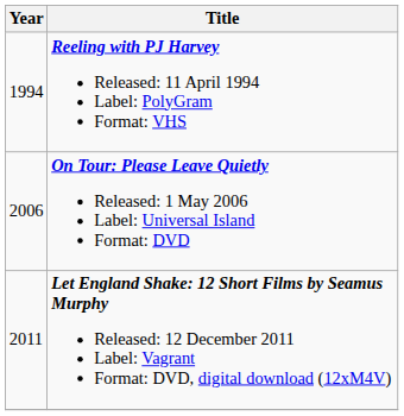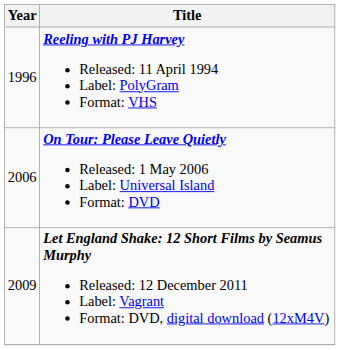 <table class="wikitable">
 <tr>
 <th>Year</th>
 <th width="320">Title</th>
 </tr>
 <tr>
-<td>1994</td>
+<td>1996</td>
 <td><strong><em><a href='#'>Reeling with PJ Harvey</a></em></strong><br><ul><li>Released: 11 April 1994</li><li>Label: <a href='#'>PolyGram</a></li><li>Format: <a href='#'>VHS</a></li></ul></td>
 </tr>
 <tr>
 <td>2006</td>
 <td><strong><em><a href='#'>On Tour: Please Leave Quietly</a></em></strong><br><ul><li>Released: 1 May 2006</li><li>Label: <a href='#'>Universal Island</a></li><li>Format: <a href='#'>DVD</a></li></ul></td>
 </tr>
 <tr>
-<td>2011</td>
+<td>2009</td>
 <td><strong><em>Let England Shake: 12 Short Films by Seamus Murphy</em></strong><br><ul><li>Released: 12 December 2011</li><li>Label: <a href='#'>Vagrant</a></li><li>Format: DVD, <a href='#'>digital download</a> (<a href='#'>12xM4V</a>)</li></ul></td>
 </tr>
 <tr>
 </tr>
 </table>
